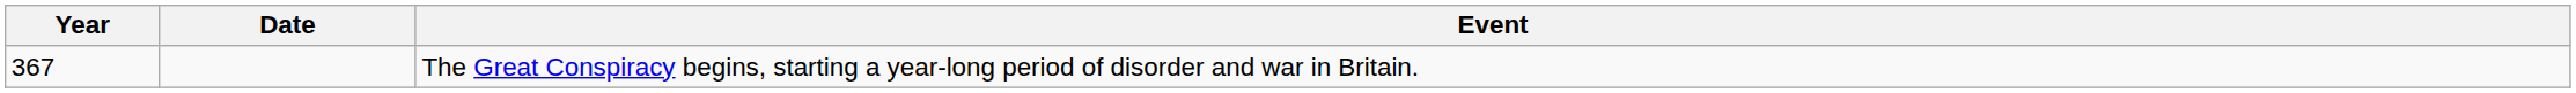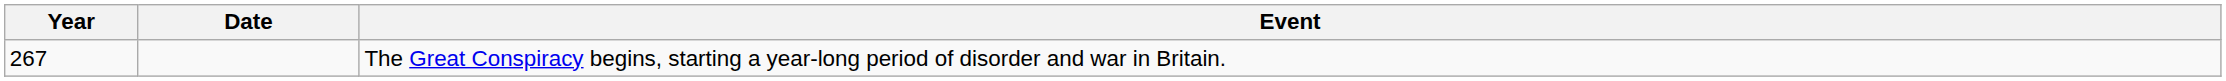 <table class="wikitable" width="100%">
 <tr>
 <th style="width:6%">Year</th>
 <th style="width:10%">Date</th>
 <th>Event</th>
 </tr>
 <tr>
-<td>367</td>
+<td>267</td>
 <td></td>
 <td>The <a href='#'>Great Conspiracy</a> begins, starting a year-long period of disorder and war in Britain.</td>
 </tr>
 </table>
